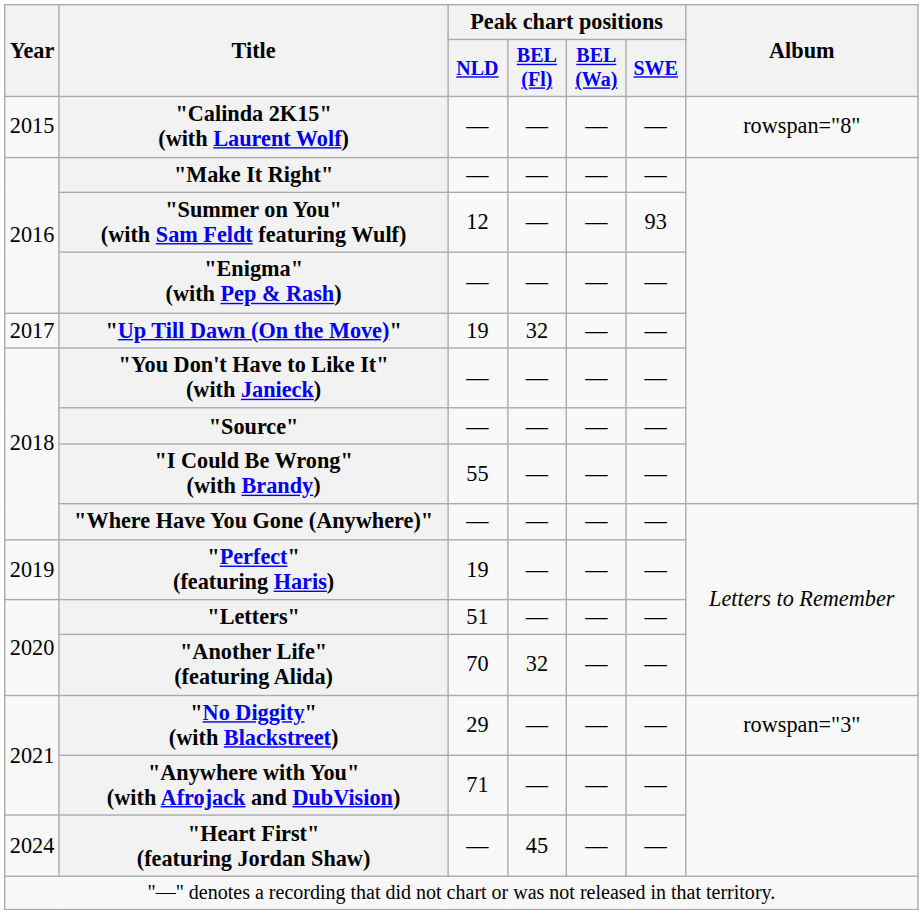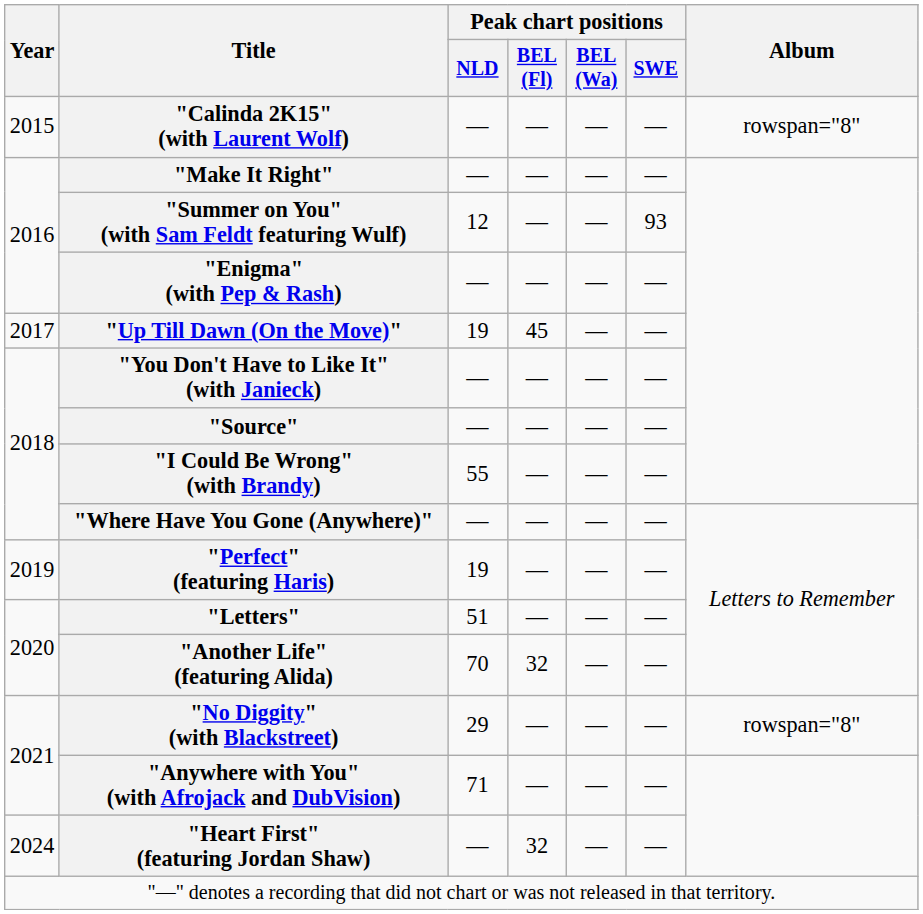 <table class="wikitable plainrowheaders" style="text-align:center;">
 <tr>
 <th scope="col" rowspan="2" style="width:1em;">Year</th>
 <th scope="col" rowspan="2" style="width:17em;">Title</th>
 <th scope="col" colspan="4">Peak chart positions</th>
 <th scope="col" rowspan="2" style="width:10em;">Album</th>
 </tr>
 <tr>
 <th scope="col" style="width:2.5em;font-size:90%;"><a href='#'>NLD</a><br></th>
 <th scope="col" style="width:2.5em;font-size:90%;"><a href='#'>BEL (Fl)</a><br></th>
 <th scope="col" style="width:2.5em;font-size:90%;"><a href='#'>BEL (Wa)</a><br></th>
 <th scope="col" style="width:2.5em;font-size:90%;"><a href='#'>SWE</a><br></th>
 </tr>
 <tr>
 <td>2015</td>
 <th scope="row">"Calinda 2K15" <br><span>(with <a href='#'>Laurent Wolf</a>)</span></th>
 <td>—</td>
 <td>—</td>
 <td>—</td>
 <td>—</td>
 <td>rowspan="8" </td>
 </tr>
 <tr>
 <td rowspan="3">2016</td>
 <th scope="row">"Make It Right"</th>
 <td>—</td>
 <td>—</td>
 <td>—</td>
 <td>—</td>
 </tr>
 <tr>
 <th scope="row">"Summer on You" <br><span>(with <a href='#'>Sam Feldt</a> featuring Wulf)</span></th>
 <td>12</td>
 <td>—</td>
 <td>—</td>
 <td>93</td>
 </tr>
 <tr>
 <th scope="row">"Enigma" <br><span>(with <a href='#'>Pep & Rash</a>)</span></th>
 <td>—</td>
 <td>—</td>
 <td>—</td>
 <td>—</td>
 </tr>
 <tr>
 <td>2017</td>
 <th scope="row">"<a href='#'>Up Till Dawn (On the Move)</a>"</th>
 <td>19</td>
-<td>32</td>
+<td>45</td>
 <td>—</td>
 <td>—</td>
 </tr>
 <tr>
 <td rowspan="4">2018</td>
 <th scope="row">"You Don't Have to Like It"<br><span>(with <a href='#'>Janieck</a>)</span></th>
 <td>—</td>
 <td>—</td>
 <td>—</td>
 <td>—</td>
 </tr>
 <tr>
 <th scope="row">"Source"</th>
 <td>—</td>
 <td>—</td>
 <td>—</td>
 <td>—</td>
 </tr>
 <tr>
 <th scope="row">"I Could Be Wrong"<br><span>(with <a href='#'>Brandy</a>)</span></th>
 <td>55</td>
 <td>—</td>
 <td>—</td>
 <td>—</td>
 </tr>
 <tr>
 <th scope="row">"Where Have You Gone (Anywhere)"</th>
 <td>—</td>
 <td>—</td>
 <td>—</td>
 <td>—</td>
 <td rowspan="4"><em>Letters to Remember</em></td>
 </tr>
 <tr>
 <td>2019</td>
 <th scope="row">"<a href='#'>Perfect</a>"<br><span>(featuring <a href='#'>Haris</a>)</span></th>
 <td>19</td>
 <td>—</td>
 <td>—</td>
 <td>—</td>
 </tr>
 <tr>
 <td rowspan="2">2020</td>
 <th scope="row">"Letters"</th>
 <td>51</td>
 <td>—</td>
 <td>—</td>
 <td>—</td>
 </tr>
 <tr>
 <th scope="row">"Another Life" <br><span>(featuring Alida)</span></th>
 <td>70</td>
 <td>32</td>
 <td>—</td>
 <td>—</td>
 </tr>
 <tr>
 <td rowspan="2">2021</td>
 <th scope="row">"<a href='#'>No Diggity</a>" <br><span>(with <a href='#'>Blackstreet</a>)</span></th>
 <td>29</td>
 <td>—</td>
 <td>—</td>
 <td>—</td>
-<td>rowspan="3" </td>
+<td>rowspan="8" </td>
 </tr>
 <tr>
 <th scope="row">"Anywhere with You" <br><span>(with <a href='#'>Afrojack</a> and <a href='#'>DubVision</a>)</span></th>
 <td>71</td>
 <td>—</td>
 <td>—</td>
 <td>—</td>
 </tr>
 <tr>
 <td>2024</td>
 <th scope="row">"Heart First" <br><span>(featuring Jordan Shaw)</span></th>
 <td>—</td>
-<td>45</td>
+<td>32</td>
 <td>—</td>
 <td>—</td>
 </tr>
 <tr>
 <td colspan="7" style="font-size:90%">"—" denotes a recording that did not chart or was not released in that territory.</td>
 </tr>
 </table>
